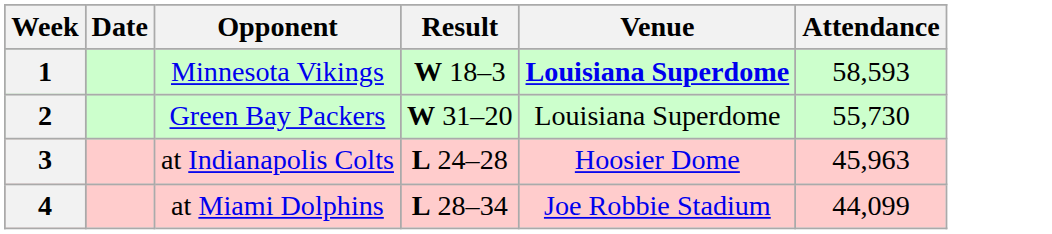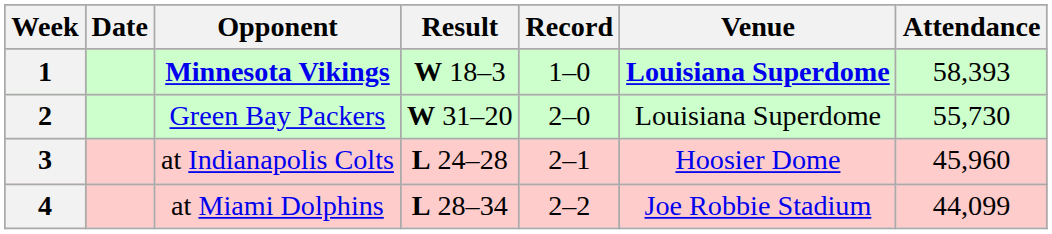 <table class="wikitable" style="text-align:center">
 <tr>
 <th>Week</th>
 <th>Date</th>
 <th>Opponent</th>
 <th>Result</th>
+<th>Record</th>
 <th>Venue</th>
 <th>Attendance</th>
 </tr>
 <tr style="background:#cfc">
 <th>1</th>
 <td></td>
-<td><a href='#'>Minnesota Vikings</a></td>
+<td><strong><a href='#'>Minnesota Vikings</a></strong></td>
 <td><strong>W</strong> 18–3</td>
+<td>1–0</td>
 <td><strong><a href='#'>Louisiana Superdome</a></strong></td>
-<td>58,593</td>
+<td>58,393</td>
 </tr>
 <tr style="background:#cfc">
 <th>2</th>
 <td></td>
 <td><a href='#'>Green Bay Packers</a></td>
 <td><strong>W</strong> 31–20</td>
+<td>2–0</td>
 <td>Louisiana Superdome</td>
 <td>55,730</td>
 </tr>
 <tr style="background:#fcc">
 <th>3</th>
 <td></td>
 <td>at <a href='#'>Indianapolis Colts</a></td>
 <td><strong>L</strong> 24–28</td>
+<td>2–1</td>
 <td><a href='#'>Hoosier Dome</a></td>
-<td>45,963</td>
+<td>45,960</td>
 </tr>
 <tr style="background:#fcc">
 <th>4</th>
 <td></td>
 <td>at <a href='#'>Miami Dolphins</a></td>
 <td><strong>L</strong> 28–34</td>
+<td>2–2</td>
 <td><a href='#'>Joe Robbie Stadium</a></td>
 <td>44,099</td>
 </tr>
 </table>
